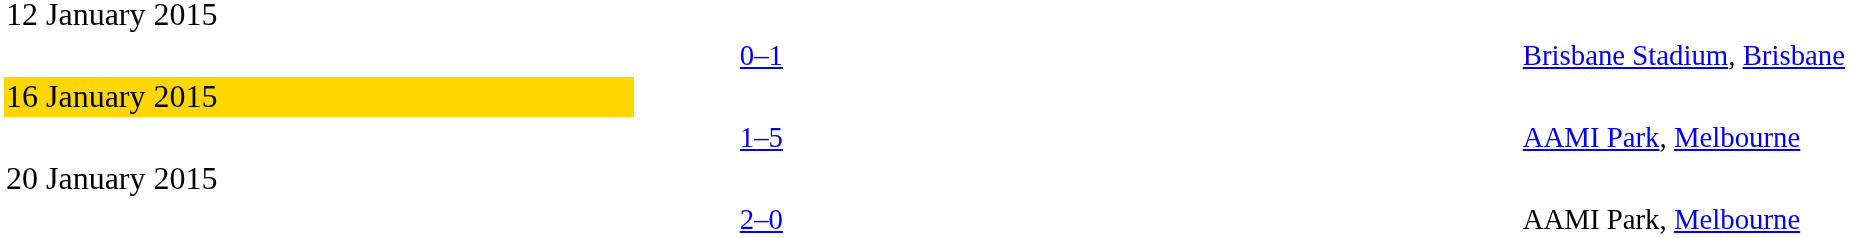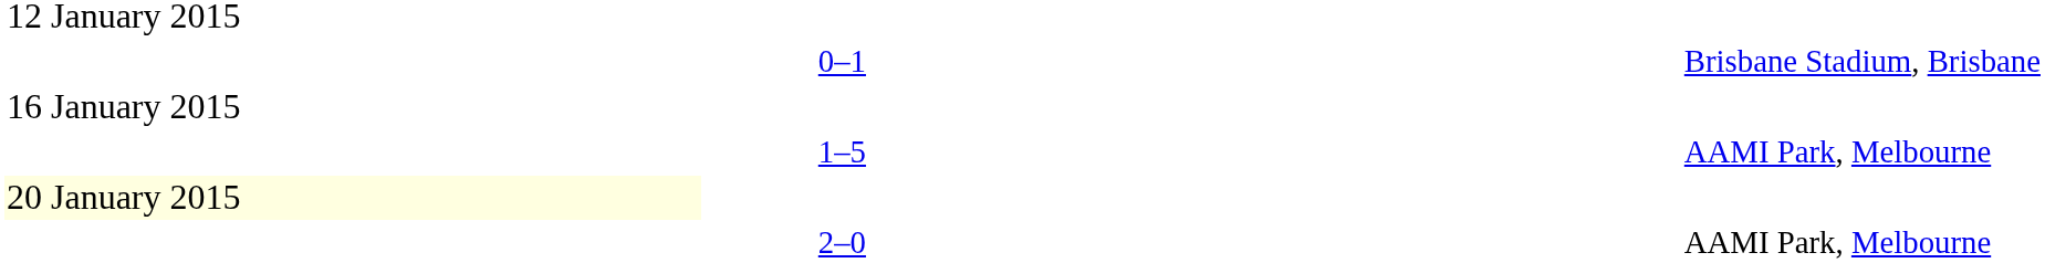 <table style="width:100%" cellspacing="1">
 <tr>
 <th width=25%></th>
 <th width=10%></th>
 <th width=25%></th>
 </tr>
 <tr>
 <td>12 January 2015</td>
 </tr>
 <tr style=font-size:90%>
 <td align=right></td>
 <td align=center><a href='#'>0–1</a></td>
 <td></td>
 <td><a href='#'>Brisbane Stadium</a>, <a href='#'>Brisbane</a></td>
 </tr>
 <tr>
-<td style="background: gold;">16 January 2015</td>
+<td>16 January 2015</td>
 </tr>
 <tr style=font-size:90%>
 <td align=right></td>
 <td align=center><a href='#'>1–5</a></td>
 <td></td>
 <td><a href='#'>AAMI Park</a>, <a href='#'>Melbourne</a></td>
 </tr>
 <tr>
-<td>20 January 2015</td>
+<td style="background: lightyellow;">20 January 2015</td>
 </tr>
 <tr style=font-size:90%>
 <td align=right></td>
 <td align=center><a href='#'>2–0</a></td>
 <td></td>
 <td>AAMI Park, <a href='#'>Melbourne</a></td>
 </tr>
 </table>
